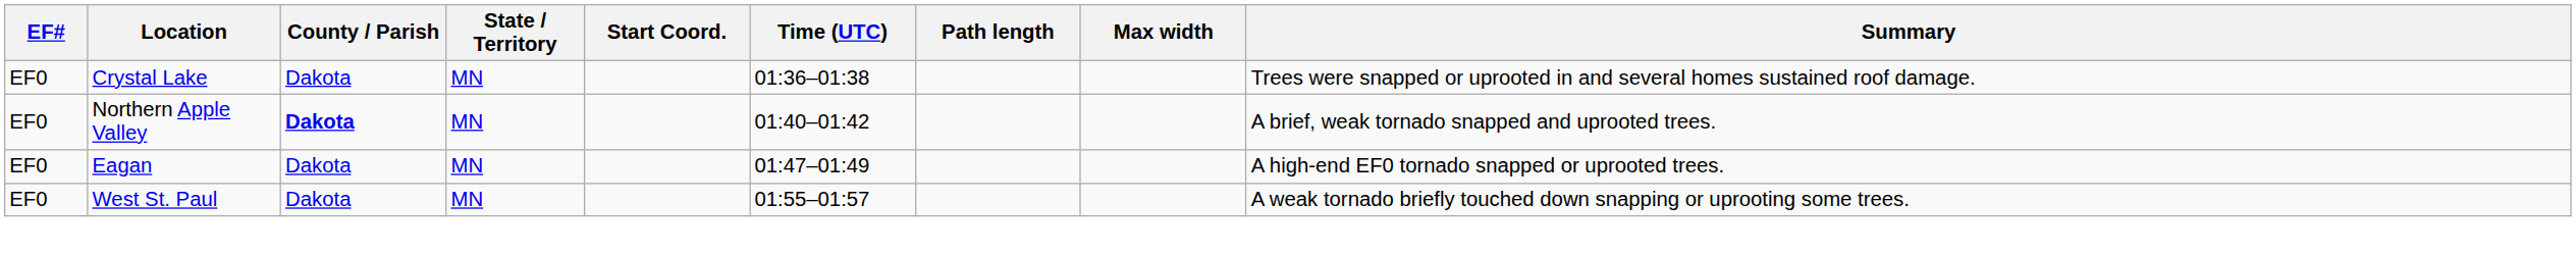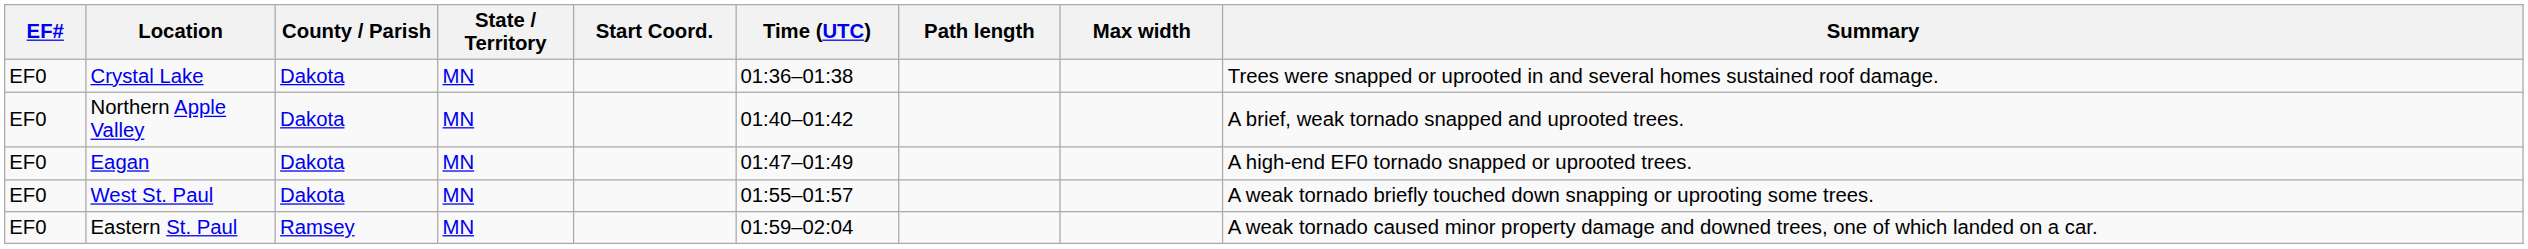 <table class="wikitable sortable" style="width:100%;">
 <tr>
 <th scope="col"  style="width:3%; text-align:center;"><a href='#'>EF#</a></th>
 <th scope="col"  style="width:7%; text-align:center;" class="unsortable">Location</th>
 <th scope="col"  style="width:6%; text-align:center;" class="unsortable">County / Parish</th>
 <th scope="col"  style="width:5%; text-align:center;">State / Territory</th>
 <th scope="col"  style="width:6%; text-align:center;">Start Coord.</th>
 <th scope="col"  style="width:6%; text-align:center;">Time (<a href='#'>UTC</a>)</th>
 <th scope="col"  style="width:6%; text-align:center;">Path length</th>
 <th scope="col"  style="width:6%; text-align:center;">Max width</th>
 <th scope="col" class="unsortable" style="width:48%; text-align:center;">Summary</th>
 </tr>
 <tr>
 <td>EF0</td>
 <td><a href='#'>Crystal Lake</a></td>
 <td><a href='#'>Dakota</a></td>
 <td><a href='#'>MN</a></td>
 <td></td>
 <td>01:36–01:38</td>
 <td></td>
 <td></td>
 <td>Trees were snapped or uprooted in and several homes sustained roof damage.</td>
 </tr>
 <tr>
 <td>EF0</td>
 <td>Northern <a href='#'>Apple Valley</a></td>
-<td><strong><a href='#'>Dakota</a></strong></td>
+<td><a href='#'>Dakota</a></td>
 <td><a href='#'>MN</a></td>
 <td></td>
 <td>01:40–01:42</td>
 <td></td>
 <td></td>
 <td>A brief, weak tornado snapped and uprooted trees.</td>
 </tr>
 <tr>
 <td>EF0</td>
 <td><a href='#'>Eagan</a></td>
 <td><a href='#'>Dakota</a></td>
 <td><a href='#'>MN</a></td>
 <td></td>
 <td>01:47–01:49</td>
 <td></td>
 <td></td>
 <td>A high-end EF0 tornado snapped or uprooted trees.</td>
 </tr>
 <tr>
 <td>EF0</td>
 <td><a href='#'>West St. Paul</a></td>
 <td><a href='#'>Dakota</a></td>
 <td><a href='#'>MN</a></td>
 <td></td>
 <td>01:55–01:57</td>
 <td></td>
 <td></td>
 <td>A weak tornado briefly touched down snapping or uprooting some trees.</td>
 </tr>
+<tr>
+<td>EF0</td>
+<td>Eastern <a href='#'>St. Paul</a></td>
+<td><a href='#'>Ramsey</a></td>
+<td><a href='#'>MN</a></td>
+<td></td>
+<td>01:59–02:04</td>
+<td></td>
+<td></td>
+<td>A weak tornado caused minor property damage and downed trees, one of which landed on a car.</td>
+</tr>
 </table>
